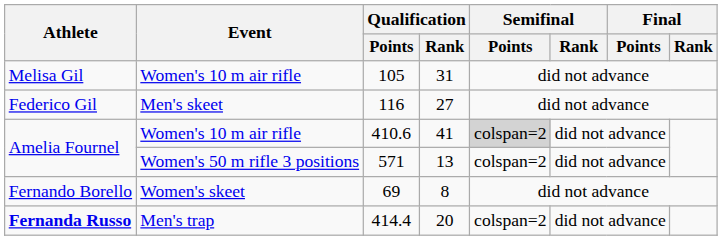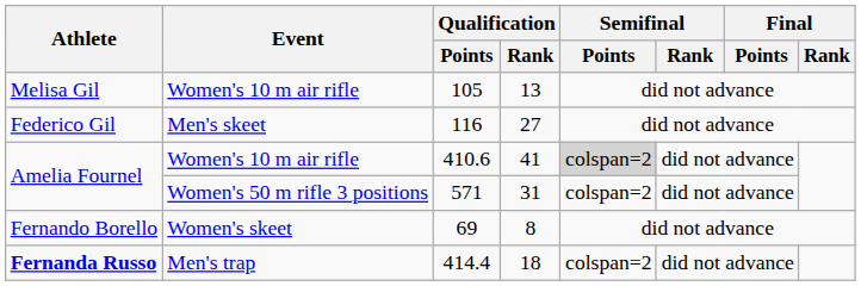 <table class="wikitable" style="font-size:90%">
 <tr>
 <th rowspan="2">Athlete</th>
 <th rowspan="2">Event</th>
 <th colspan=2>Qualification</th>
 <th colspan=2>Semifinal</th>
 <th colspan=2>Final</th>
 </tr>
 <tr style="font-size:95%">
 <th>Points</th>
 <th>Rank</th>
 <th>Points</th>
 <th>Rank</th>
 <th>Points</th>
 <th>Rank</th>
 </tr>
 <tr align=center>
 <td align=left><a href='#'>Melisa Gil</a></td>
 <td align=left><a href='#'>Women's 10 m air rifle</a></td>
 <td>105</td>
-<td>31</td>
+<td>13</td>
 <td colspan=4>did not advance</td>
 </tr>
 <tr align=center>
 <td align=left><a href='#'>Federico Gil</a></td>
 <td align=left><a href='#'>Men's skeet</a></td>
 <td>116</td>
 <td>27</td>
 <td colspan=4>did not advance</td>
 </tr>
 <tr align=center>
 <td align=left rowspan=2><a href='#'>Amelia Fournel</a></td>
 <td align=left><a href='#'>Women's 10 m air rifle</a></td>
 <td>410.6</td>
 <td>41</td>
 <td style="background: lightgrey;">colspan=2 </td>
 <td colspan=2>did not advance</td>
 </tr>
 <tr align=center>
 <td align=left><a href='#'>Women's 50 m rifle 3 positions</a></td>
 <td>571</td>
-<td>13</td>
+<td>31</td>
 <td>colspan=2 </td>
 <td colspan=2>did not advance</td>
 </tr>
 <tr align=center>
 <td align=left><a href='#'>Fernando Borello</a></td>
 <td align=left><a href='#'>Women's skeet</a></td>
 <td>69</td>
 <td>8</td>
 <td colspan=4>did not advance</td>
 </tr>
 <tr align=center>
 <td align=left><strong><a href='#'>Fernanda Russo</a></strong></td>
 <td align=left><a href='#'>Men's trap</a></td>
 <td>414.4</td>
-<td>20</td>
+<td>18</td>
 <td>colspan=2 </td>
 <td colspan=2>did not advance</td>
 </tr>
 </table>
